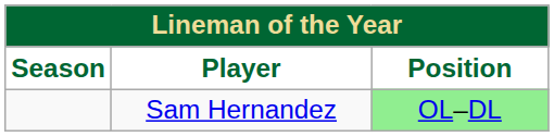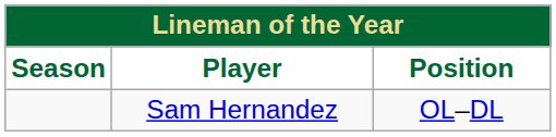 <table class="wikitable sortable" style="text-align:center">
 <tr>
 <td colspan="4" style="background:#063; color:	#ed9;"><strong>Lineman of the Year</strong></td>
 </tr>
 <tr>
 <th style="width:50px; background:white; color:#063;">Season</th>
 <th style="width:150px; background:white; color:#063;">Player</th>
 <th style="width:100px; background:white; color:#063;">Position</th>
 </tr>
 <tr>
 <td></td>
 <td><a href='#'>Sam Hernandez</a></td>
-<td style="background: lightgreen;"><a href='#'>OL</a>–<a href='#'>DL</a></td>
+<td><a href='#'>OL</a>–<a href='#'>DL</a></td>
 </tr>
 </table>
